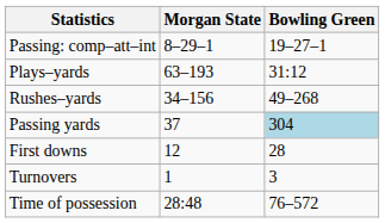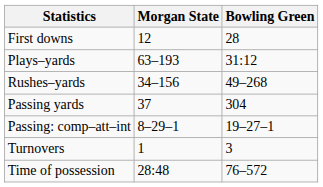 <table class="wikitable" style="float:left">
 <tr>
 <th>Statistics</th>
 <th>Morgan State</th>
 <th>Bowling Green</th>
 </tr>
 <tr>
-<td>Passing: comp–att–int</td>
-<td>8–29–1</td>
-<td>19–27–1</td>
+<td>First downs</td>
+<td>12</td>
+<td>28</td>
 </tr>
 <tr>
 <td>Plays–yards</td>
 <td>63–193</td>
 <td>31:12</td>
 </tr>
 <tr>
 <td>Rushes–yards</td>
 <td>34–156</td>
 <td>49–268</td>
 </tr>
 <tr>
 <td>Passing yards</td>
 <td>37</td>
-<td style="background: lightblue;">304</td>
+<td>304</td>
 </tr>
 <tr>
-<td>First downs</td>
-<td>12</td>
-<td>28</td>
+<td>Passing: comp–att–int</td>
+<td>8–29–1</td>
+<td>19–27–1</td>
 </tr>
 <tr>
 <td>Turnovers</td>
 <td>1</td>
 <td>3</td>
 </tr>
 <tr>
 <td>Time of possession</td>
 <td>28:48</td>
 <td>76–572</td>
 </tr>
 </table>
